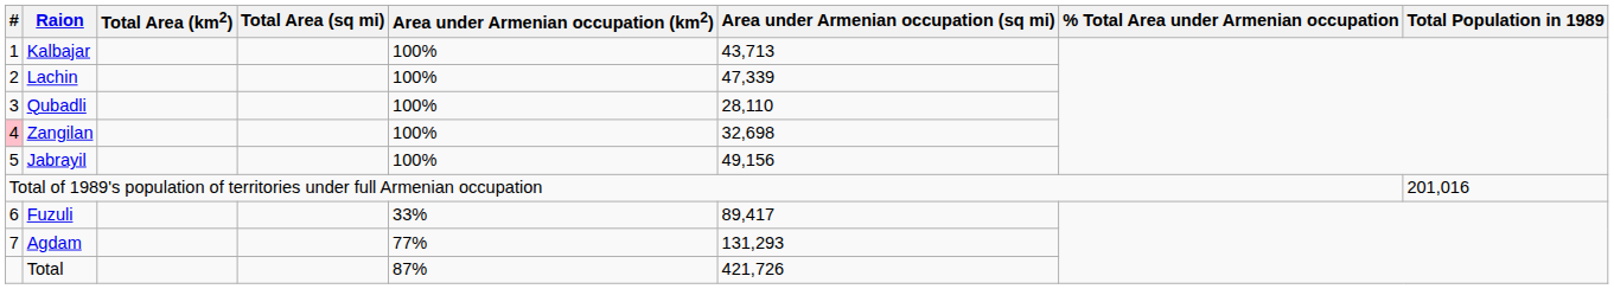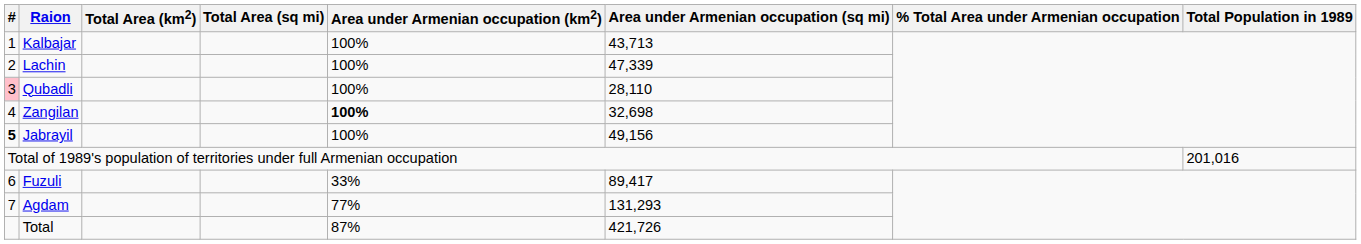 <table class="wikitable">
 <tr>
 <th>#</th>
 <th><a href='#'>Raion</a></th>
 <th>Total Area (km<sup>2</sup>)</th>
 <th>Total Area (sq mi)</th>
 <th>Area under Armenian occupation (km<sup>2</sup>)</th>
 <th>Area under Armenian occupation (sq mi)</th>
 <th>% Total Area under Armenian occupation</th>
 <th>Total Population in 1989</th>
 </tr>
 <tr>
 <td>1</td>
 <td><a href='#'>Kalbajar</a></td>
 <td></td>
 <td></td>
 <td>100%</td>
 <td>43,713</td>
 </tr>
 <tr>
 <td>2</td>
 <td><a href='#'>Lachin</a></td>
 <td></td>
 <td></td>
 <td>100%</td>
 <td>47,339</td>
 </tr>
 <tr>
-<td>3</td>
+<td style="background: pink;">3</td>
 <td><a href='#'>Qubadli</a></td>
 <td></td>
 <td></td>
 <td>100%</td>
 <td>28,110</td>
 </tr>
 <tr>
-<td style="background: pink;">4</td>
+<td>4</td>
 <td><a href='#'>Zangilan</a></td>
 <td></td>
 <td></td>
-<td>100%</td>
+<td><strong>100%</strong></td>
 <td>32,698</td>
 </tr>
 <tr>
-<td>5</td>
+<td><strong>5</strong></td>
 <td><a href='#'>Jabrayil</a></td>
 <td></td>
 <td></td>
 <td>100%</td>
 <td>49,156</td>
 </tr>
 <tr>
 <td colspan="7">Total of 1989's population of territories under full Armenian occupation</td>
 <td>201,016</td>
 </tr>
 <tr>
 <td>6</td>
 <td><a href='#'>Fuzuli</a></td>
 <td></td>
 <td></td>
 <td>33%</td>
 <td>89,417</td>
 </tr>
 <tr>
 <td>7</td>
 <td><a href='#'>Agdam</a></td>
 <td></td>
 <td></td>
 <td>77%</td>
 <td>131,293</td>
 </tr>
 <tr>
 <td></td>
 <td>Total</td>
 <td></td>
 <td></td>
 <td>87%</td>
 <td>421,726</td>
 </tr>
 </table>
